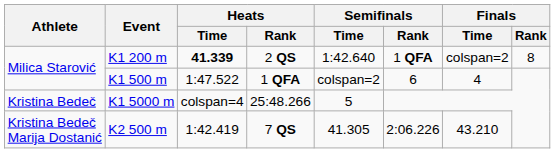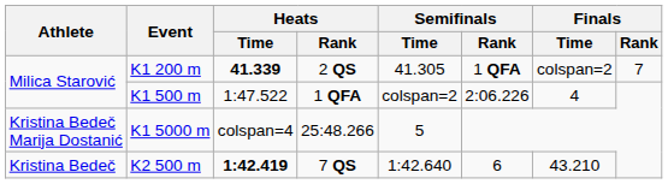 <table class="wikitable" style="font-size:90%">
 <tr>
 <th rowspan="2">Athlete</th>
 <th rowspan="2">Event</th>
 <th colspan=2>Heats</th>
 <th colspan=2>Semifinals</th>
 <th colspan=2>Finals</th>
 </tr>
 <tr style="font-size:95%">
 <th>Time</th>
 <th>Rank</th>
 <th>Time</th>
 <th>Rank</th>
 <th>Time</th>
 <th>Rank</th>
 </tr>
 <tr align=center>
 <td rowspan="2" align="left"><a href='#'>Milica Starović</a></td>
 <td align=left><a href='#'>K1 200 m</a></td>
 <td><strong>41.339</strong></td>
 <td>2 <strong>QS</strong></td>
-<td>1:42.640</td>
+<td>41.305</td>
 <td>1 <strong>QFA</strong></td>
 <td>colspan=2 </td>
-<td>8</td>
+<td>7</td>
 </tr>
 <tr align=center>
 <td align=left><a href='#'>K1 500 m</a></td>
 <td>1:47.522</td>
 <td>1 <strong>QFA</strong></td>
 <td>colspan=2 </td>
-<td>6</td>
+<td>2:06.226</td>
 <td>4</td>
 </tr>
 <tr align=center>
-<td align=left><a href='#'>Kristina Bedeč</a></td>
+<td align=left><a href='#'>Kristina Bedeč</a><br><a href='#'>Marija Dostanić</a></td>
 <td align=left><a href='#'>K1 5000 m</a></td>
 <td>colspan=4 </td>
 <td>25:48.266</td>
 <td>5</td>
 </tr>
 <tr align=center>
-<td align=left><a href='#'>Kristina Bedeč</a><br><a href='#'>Marija Dostanić</a></td>
+<td align=left><a href='#'>Kristina Bedeč</a></td>
 <td align=left><a href='#'>K2 500 m</a></td>
-<td>1:42.419</td>
+<td><strong>1:42.419</strong></td>
 <td>7 <strong>QS</strong></td>
-<td>41.305</td>
-<td>2:06.226</td>
+<td>1:42.640</td>
+<td>6</td>
 <td>43.210</td>
 </tr>
 </table>
